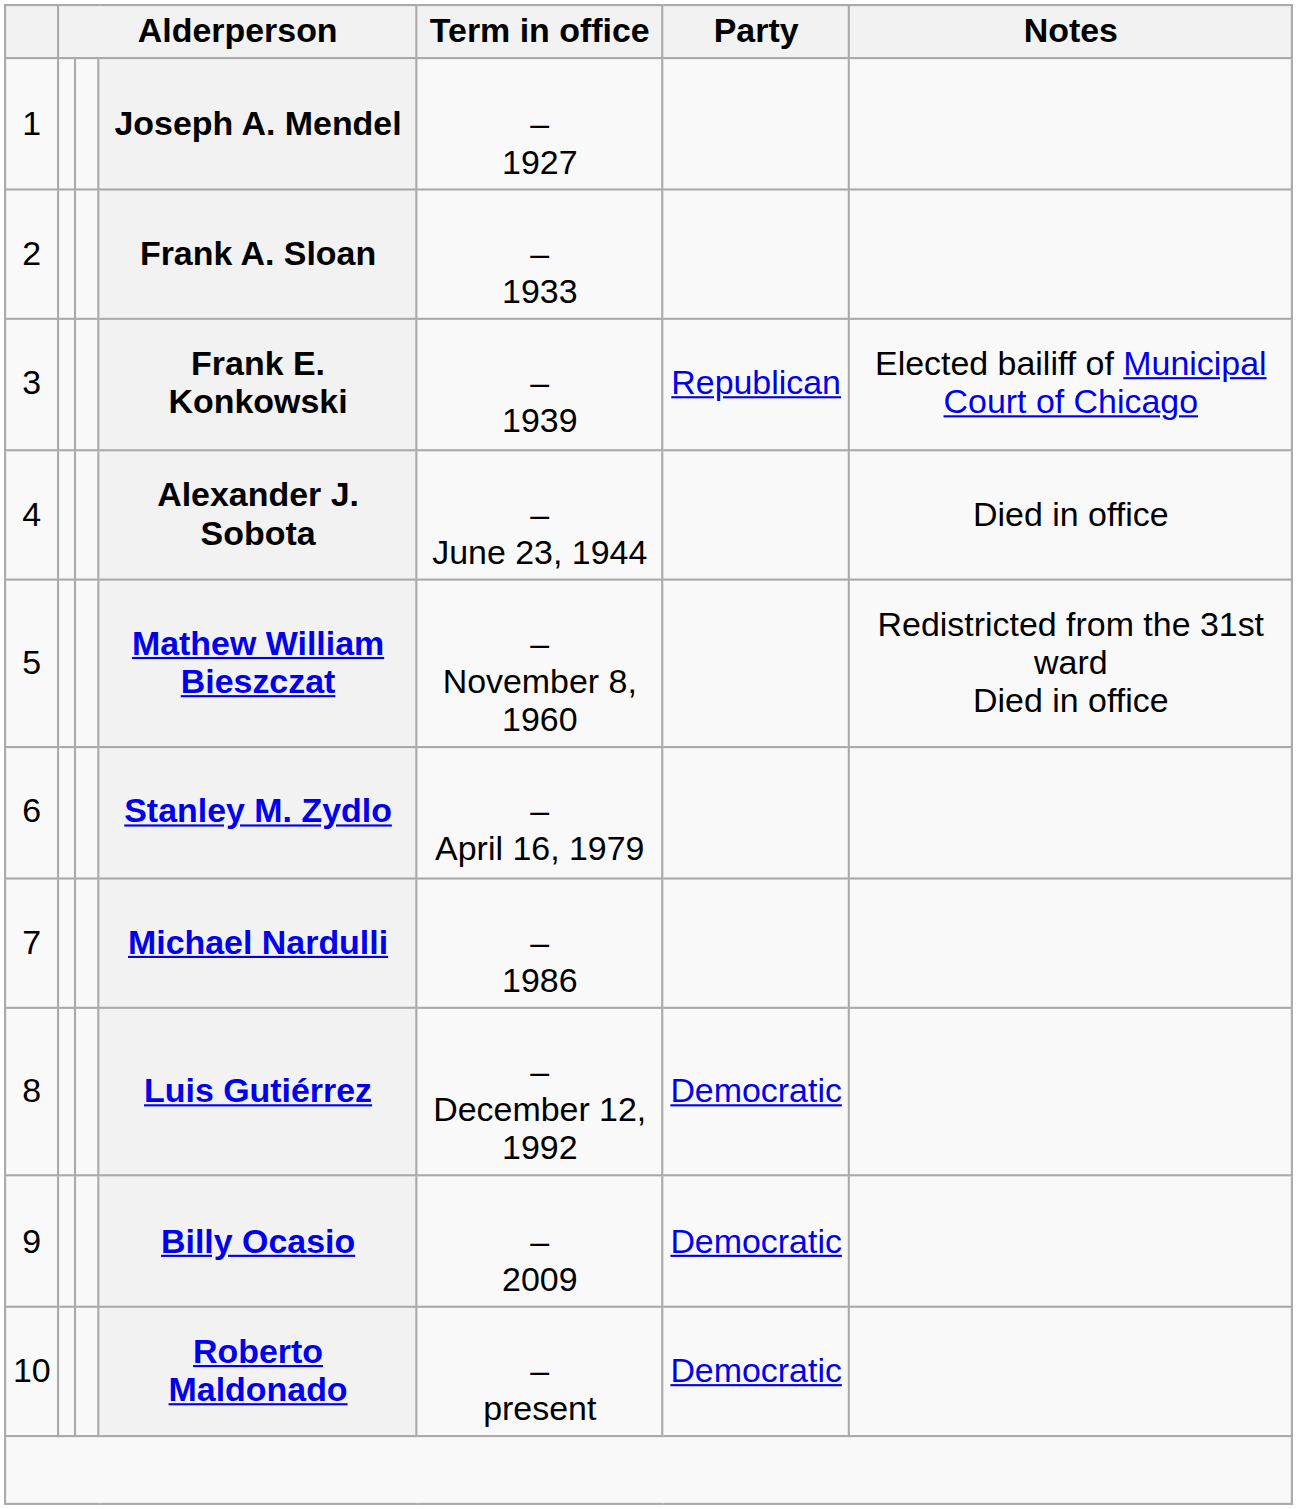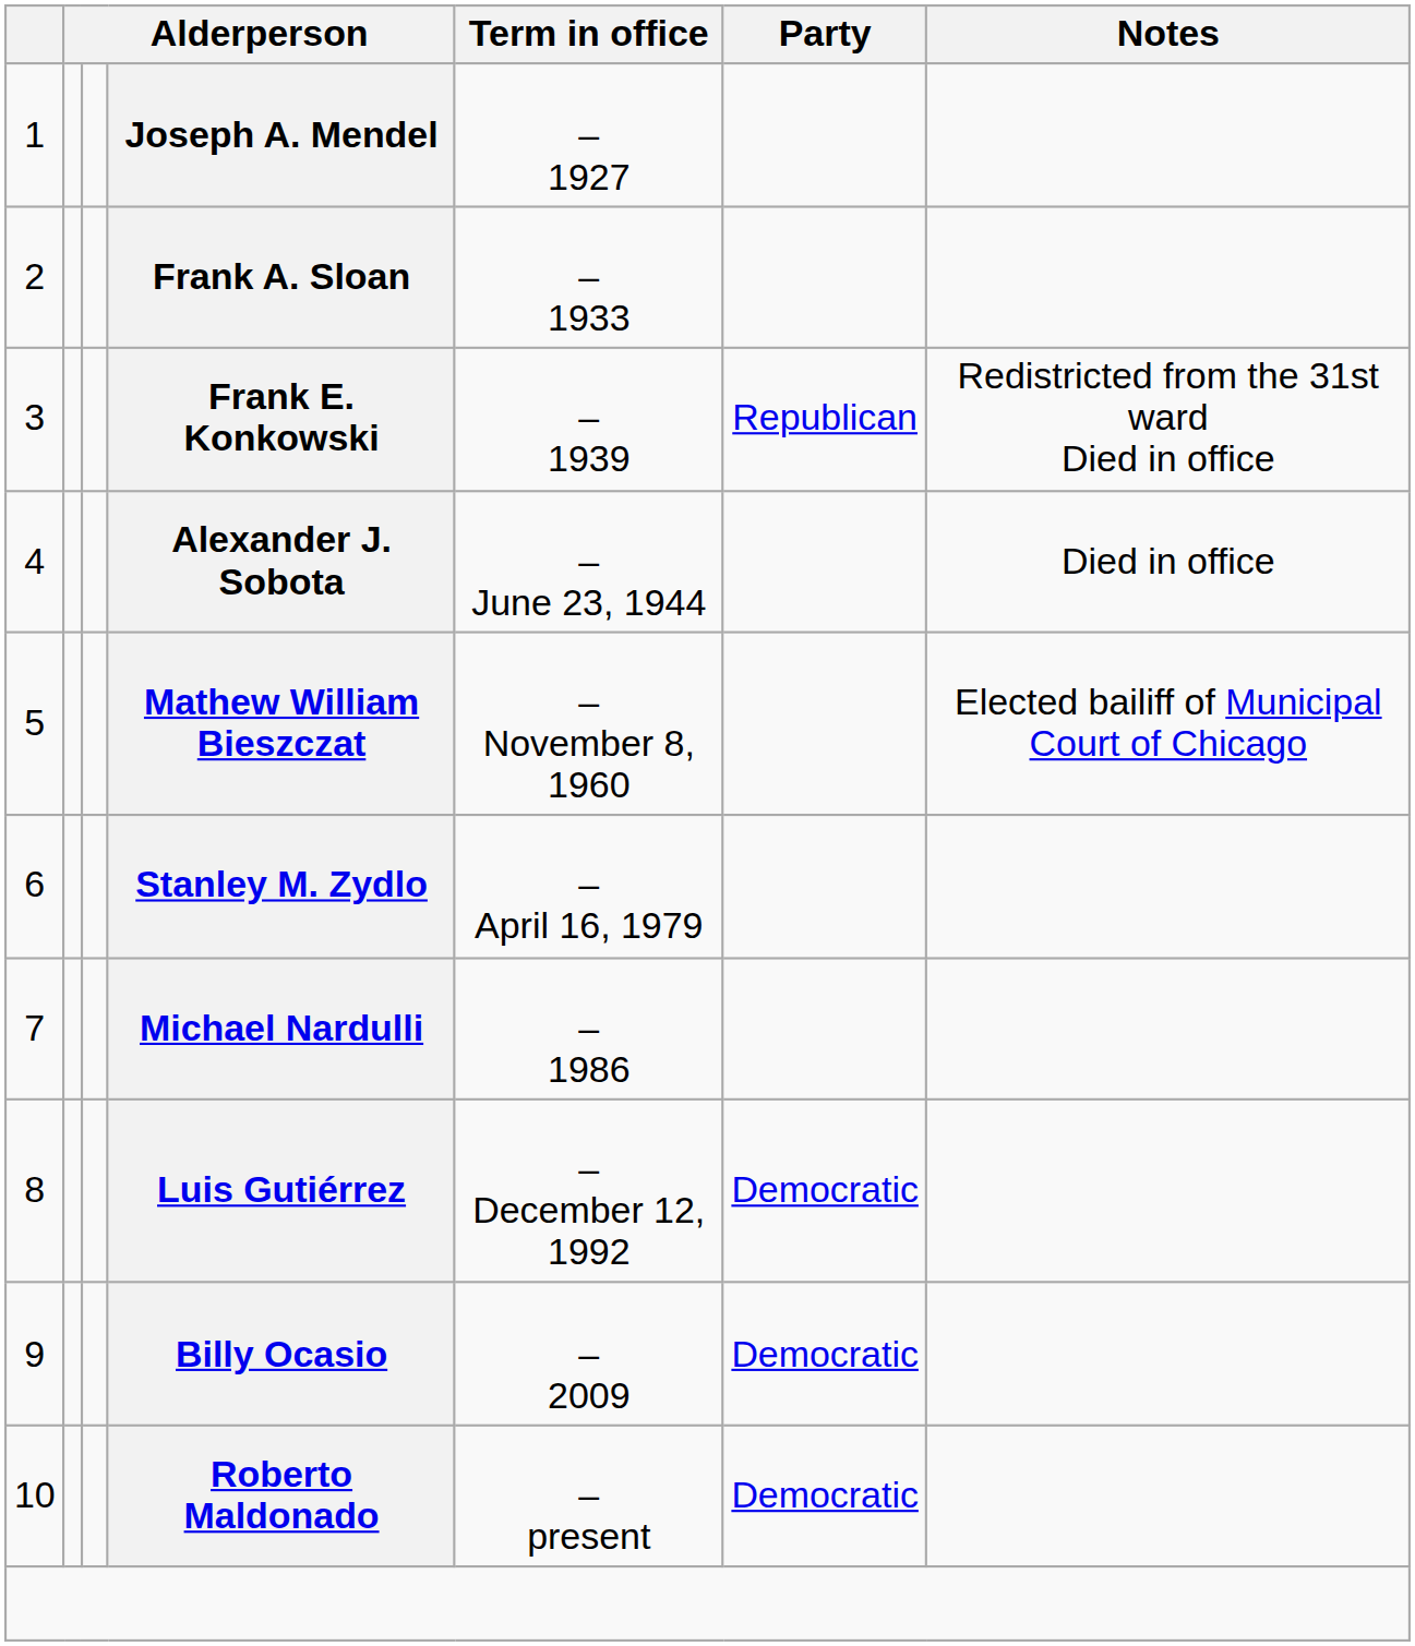 <table class="wikitable sortable" style="text-align:center;">
 <tr>
 <th scope="col"></th>
 <th scope="col" colspan="3">Alderperson</th>
 <th scope="col">Term in office</th>
 <th scope="col">Party</th>
 <th scope="col">Notes</th>
 </tr>
 <tr style="height:2em;">
 <td>1</td>
 <td></td>
 <td> </td>
 <th scope="row">Joseph A. Mendel</th>
 <td><br>–<br>1927</td>
 <td></td>
 <td></td>
 </tr>
 <tr style="height:2em;">
 <td>2</td>
 <td></td>
 <td> </td>
 <th scope="row">Frank A. Sloan</th>
 <td><br>–<br>1933</td>
 <td></td>
 <td></td>
 </tr>
 <tr style="height:2em;">
 <td>3</td>
 <td></td>
 <td> </td>
 <th scope="row">Frank E. Konkowski</th>
 <td><br>–<br>1939</td>
 <td><a href='#'>Republican</a></td>
-<td>Elected bailiff of <a href='#'>Municipal Court of Chicago</a></td>
+<td>Redistricted from the 31st ward<br>Died in office</td>
 </tr>
 <tr style="height:2em;">
 <td>4</td>
 <td></td>
 <td></td>
 <th scope="row">Alexander J. Sobota</th>
 <td><br>–<br>June 23, 1944</td>
 <td></td>
 <td>Died in office</td>
 </tr>
 <tr style="height:2em;">
 <td>5</td>
 <td></td>
 <td></td>
 <th scope="row"><a href='#'>Mathew William Bieszczat</a></th>
 <td><br>–<br>November 8, 1960</td>
 <td></td>
-<td>Redistricted from the 31st ward<br>Died in office</td>
+<td>Elected bailiff of <a href='#'>Municipal Court of Chicago</a></td>
 </tr>
 <tr style="height:2em;">
 <td>6</td>
 <td></td>
 <td> </td>
 <th scope="row"><a href='#'>Stanley M. Zydlo</a></th>
 <td><br>–<br>April 16, 1979</td>
 <td></td>
 <td></td>
 </tr>
 <tr style="height:2em;">
 <td>7</td>
 <td></td>
 <td></td>
 <th scope="row"><a href='#'>Michael Nardulli</a></th>
 <td><br>–<br>1986</td>
 <td></td>
 <td></td>
 </tr>
 <tr style="height:2em;">
 <td>8</td>
 <td></td>
 <td></td>
 <th scope="row"><a href='#'>Luis Gutiérrez</a></th>
 <td><br>–<br>December 12, 1992</td>
 <td><a href='#'>Democratic</a></td>
 <td></td>
 </tr>
 <tr style="height:2em;">
 <td>9</td>
 <td></td>
 <td></td>
 <th scope="row"><a href='#'>Billy Ocasio</a></th>
 <td><br>–<br>2009</td>
 <td><a href='#'>Democratic</a></td>
 <td></td>
 </tr>
 <tr style="height:2em;">
 <td>10</td>
 <td></td>
 <td></td>
 <th scope="row"><a href='#'>Roberto Maldonado</a></th>
 <td><br>–<br>present</td>
 <td><a href='#'>Democratic</a></td>
 <td></td>
 </tr>
 <tr style="height:2em;">
 </tr>
 </table>
